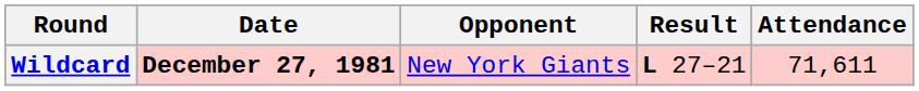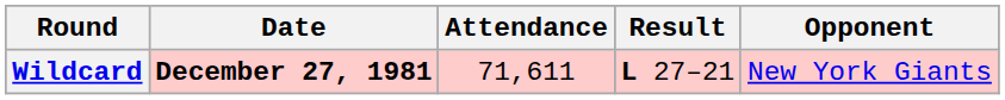 <table class="wikitable" style="text-align:center">
 <tr>
 <th>Round</th>
 <th>Date</th>
+<th>Attendance</th>
+<th>Result</th>
 <th>Opponent</th>
-<th>Result</th>
-<th>Attendance</th>
 </tr>
 <tr style="background: #fcc">
 <th><a href='#'>Wildcard</a></th>
 <td><strong>December 27, 1981</strong></td>
+<td>71,611</td>
+<td><strong>L</strong> 27–21</td>
 <td><a href='#'>New York Giants</a></td>
-<td><strong>L</strong> 27–21</td>
-<td>71,611</td>
 </tr>
 </table>
